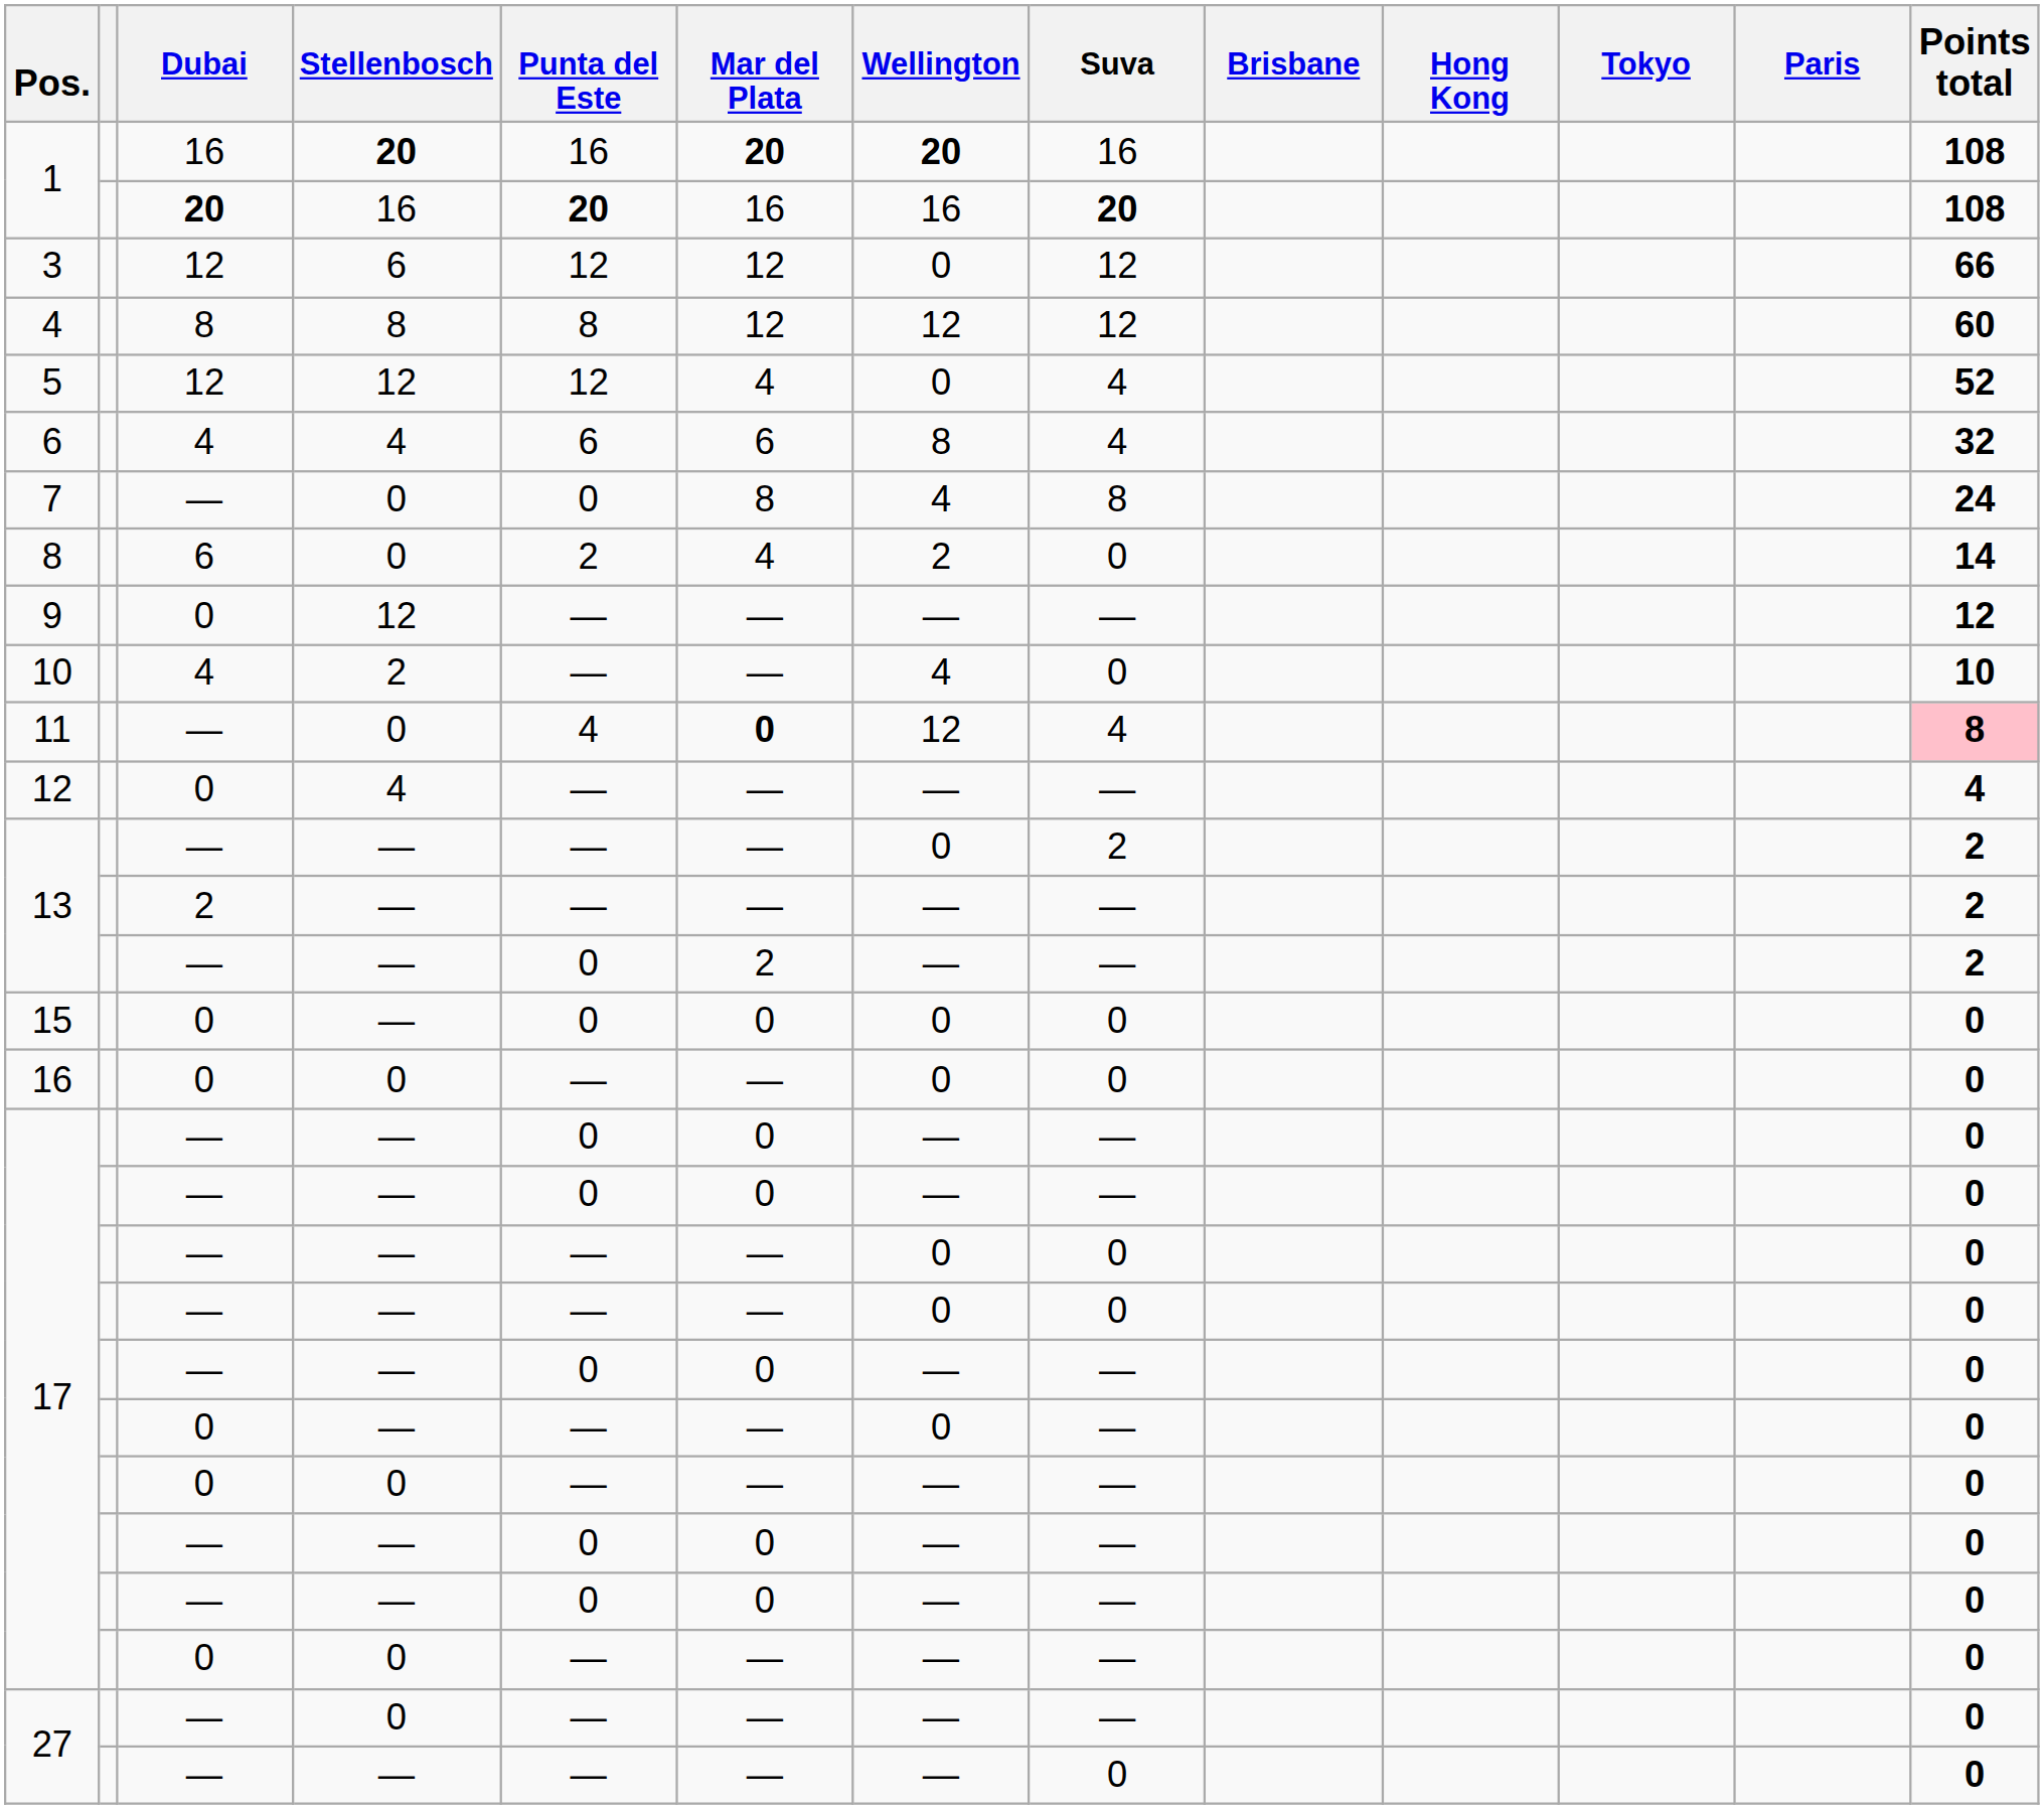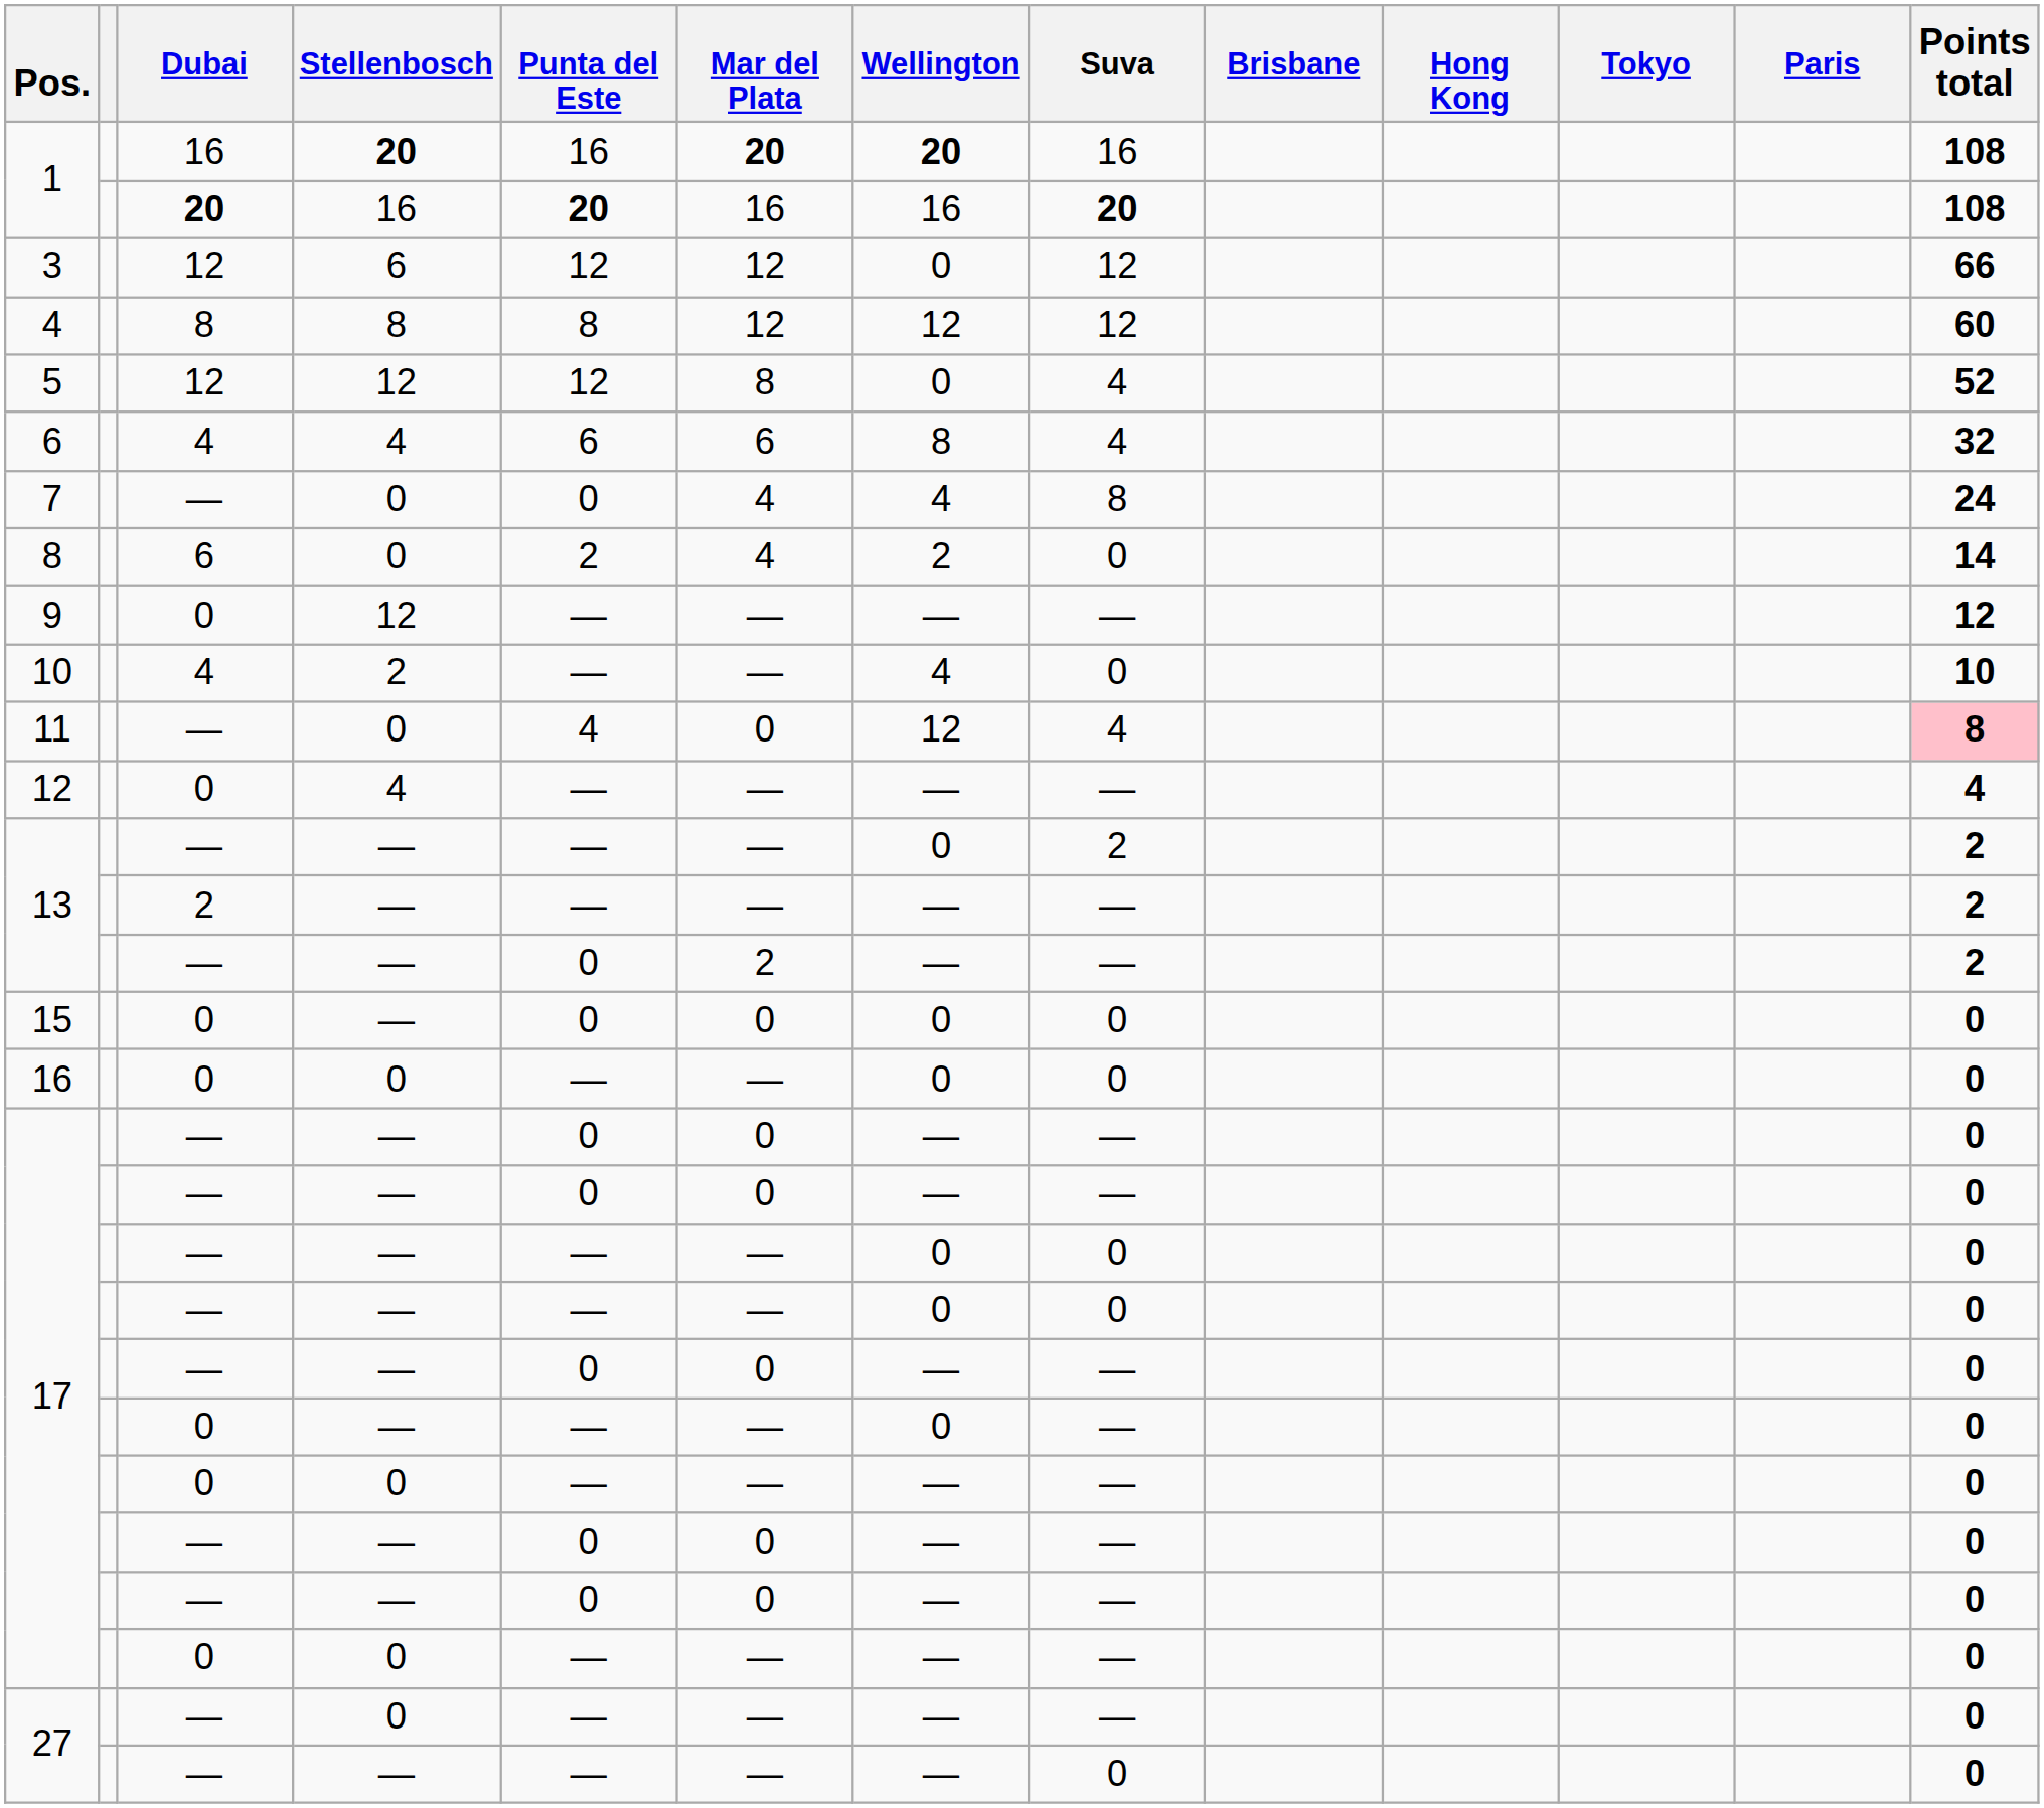 <table class="wikitable" style="text-align:center;">
 <tr>
 <th style="width:2em;"><br>Pos.</th>
 <th></th>
 <th style="width:5.2em; vertical-align:top; font-size:85%;"><br><a href='#'>Dubai</a></th>
 <th style="width:5.2em; vertical-align:top; font-size:85%;"><br><a href='#'>Stellenbosch</a></th>
 <th style="width:5.2em; vertical-align:top; font-size:85%;"><br><a href='#'>Punta del Este</a></th>
 <th style="width:5.2em; vertical-align:top; font-size:85%;"><br><a href='#'>Mar del Plata</a></th>
 <th style="width:5.2em; vertical-align:top; font-size:85%;"><br><a href='#'>Wellington</a></th>
 <th style="width:5.2em; vertical-align:top; font-size:85%;"><br>Suva</th>
 <th style="width:5.2em; vertical-align:top; font-size:85%;"><br><a href='#'>Brisbane</a></th>
 <th style="width:5.2em; vertical-align:top; font-size:85%;"><br><a href='#'>Hong Kong</a></th>
 <th style="width:5.2em; vertical-align:top; font-size:85%;"><br><a href='#'>Tokyo</a></th>
 <th style="width:5.2em; vertical-align:top; font-size:85%;"><br><a href='#'>Paris</a></th>
 <th>Points<br>total</th>
 </tr>
 <tr>
 <td rowspan=2>1</td>
 <td align=left></td>
 <td>16</td>
 <td><strong>20</strong></td>
 <td>16</td>
 <td><strong>20</strong></td>
 <td><strong>20</strong></td>
 <td>16</td>
 <td></td>
 <td></td>
 <td></td>
 <td></td>
 <td><strong>108</strong></td>
 </tr>
 <tr>
 <td align=left></td>
 <td><strong>20</strong></td>
 <td>16</td>
 <td><strong>20</strong></td>
 <td>16</td>
 <td>16</td>
 <td><strong>20</strong></td>
 <td></td>
 <td></td>
 <td></td>
 <td></td>
 <td><strong>108</strong></td>
 </tr>
 <tr>
 <td>3</td>
 <td align=left></td>
 <td>12</td>
 <td>6</td>
 <td>12</td>
 <td>12</td>
 <td>0</td>
 <td>12</td>
 <td></td>
 <td></td>
 <td></td>
 <td></td>
 <td><strong>66</strong></td>
 </tr>
 <tr>
 <td>4</td>
 <td align=left></td>
 <td>8</td>
 <td>8</td>
 <td>8</td>
 <td>12</td>
 <td>12</td>
 <td>12</td>
 <td></td>
 <td></td>
 <td></td>
 <td></td>
 <td><strong>60</strong></td>
 </tr>
 <tr>
 <td>5</td>
 <td align=left></td>
 <td>12</td>
 <td>12</td>
 <td>12</td>
-<td>4</td>
+<td>8</td>
 <td>0</td>
 <td>4</td>
 <td></td>
 <td></td>
 <td></td>
 <td></td>
 <td><strong>52</strong></td>
 </tr>
 <tr>
 <td>6</td>
 <td align=left></td>
 <td>4</td>
 <td>4</td>
 <td>6</td>
 <td>6</td>
 <td>8</td>
 <td>4</td>
 <td></td>
 <td></td>
 <td></td>
 <td></td>
 <td><strong>32</strong></td>
 </tr>
 <tr>
 <td>7</td>
 <td align=left></td>
 <td>—</td>
 <td>0</td>
 <td>0</td>
-<td>8</td>
+<td>4</td>
 <td>4</td>
 <td>8</td>
 <td></td>
 <td></td>
 <td></td>
 <td></td>
 <td><strong>24</strong></td>
 </tr>
 <tr>
 <td>8</td>
 <td align=left></td>
 <td>6</td>
 <td>0</td>
 <td>2</td>
 <td>4</td>
 <td>2</td>
 <td>0</td>
 <td></td>
 <td></td>
 <td></td>
 <td></td>
 <td><strong>14</strong></td>
 </tr>
 <tr>
 <td>9</td>
 <td align=left></td>
 <td>0</td>
 <td>12</td>
 <td>—</td>
 <td>—</td>
 <td>—</td>
 <td>—</td>
 <td></td>
 <td></td>
 <td></td>
 <td></td>
 <td><strong>12</strong></td>
 </tr>
 <tr>
 <td>10</td>
 <td align=left></td>
 <td>4</td>
 <td>2</td>
 <td>—</td>
 <td>—</td>
 <td>4</td>
 <td>0</td>
 <td></td>
 <td></td>
 <td></td>
 <td></td>
 <td><strong>10</strong></td>
 </tr>
 <tr>
 <td>11</td>
 <td align=left></td>
 <td>—</td>
 <td>0</td>
 <td>4</td>
-<td><strong>0</strong></td>
+<td>0</td>
 <td>12</td>
 <td>4</td>
 <td></td>
 <td></td>
 <td></td>
 <td></td>
 <td style="background: pink;"><strong>8</strong></td>
 </tr>
 <tr>
 <td>12</td>
 <td align=left></td>
 <td>0</td>
 <td>4</td>
 <td>—</td>
 <td>—</td>
 <td>—</td>
 <td>—</td>
 <td></td>
 <td></td>
 <td></td>
 <td></td>
 <td><strong>4</strong></td>
 </tr>
 <tr>
 <td rowspan=3>13</td>
 <td align=left></td>
 <td>—</td>
 <td>—</td>
 <td>—</td>
 <td>—</td>
 <td>0</td>
 <td>2</td>
 <td></td>
 <td></td>
 <td></td>
 <td></td>
 <td><strong>2</strong></td>
 </tr>
 <tr>
 <td align=left></td>
 <td>2</td>
 <td>—</td>
 <td>—</td>
 <td>—</td>
 <td>—</td>
 <td>—</td>
 <td></td>
 <td></td>
 <td></td>
 <td></td>
 <td><strong>2</strong></td>
 </tr>
 <tr>
 <td align=left></td>
 <td>—</td>
 <td>—</td>
 <td>0</td>
 <td>2</td>
 <td>—</td>
 <td>—</td>
 <td></td>
 <td></td>
 <td></td>
 <td></td>
 <td><strong>2</strong></td>
 </tr>
 <tr>
 <td>15</td>
 <td align=left></td>
 <td>0</td>
 <td>—</td>
 <td>0</td>
 <td>0</td>
 <td>0</td>
 <td>0</td>
 <td></td>
 <td></td>
 <td></td>
 <td></td>
 <td><strong>0</strong></td>
 </tr>
 <tr>
 <td>16</td>
 <td align=left></td>
 <td>0</td>
 <td>0</td>
 <td>—</td>
 <td>—</td>
 <td>0</td>
 <td>0</td>
 <td></td>
 <td></td>
 <td></td>
 <td></td>
 <td><strong>0</strong></td>
 </tr>
 <tr>
 <td rowspan=10>17</td>
 <td align=left></td>
 <td>—</td>
 <td>—</td>
 <td>0</td>
 <td>0</td>
 <td>—</td>
 <td>—</td>
 <td></td>
 <td></td>
 <td></td>
 <td></td>
 <td><strong>0</strong></td>
 </tr>
 <tr>
 <td align=left></td>
 <td>—</td>
 <td>—</td>
 <td>0</td>
 <td>0</td>
 <td>—</td>
 <td>—</td>
 <td></td>
 <td></td>
 <td></td>
 <td></td>
 <td><strong>0</strong></td>
 </tr>
 <tr>
 <td align=left></td>
 <td>—</td>
 <td>—</td>
 <td>—</td>
 <td>—</td>
 <td>0</td>
 <td>0</td>
 <td></td>
 <td></td>
 <td></td>
 <td></td>
 <td><strong>0</strong></td>
 </tr>
 <tr>
 <td align=left></td>
 <td>—</td>
 <td>—</td>
 <td>—</td>
 <td>—</td>
 <td>0</td>
 <td>0</td>
 <td></td>
 <td></td>
 <td></td>
 <td></td>
 <td><strong>0</strong></td>
 </tr>
 <tr>
 <td align=left></td>
 <td>—</td>
 <td>—</td>
 <td>0</td>
 <td>0</td>
 <td>—</td>
 <td>—</td>
 <td></td>
 <td></td>
 <td></td>
 <td></td>
 <td><strong>0</strong></td>
 </tr>
 <tr>
 <td align=left></td>
 <td>0</td>
 <td>—</td>
 <td>—</td>
 <td>—</td>
 <td>0</td>
 <td>—</td>
 <td></td>
 <td></td>
 <td></td>
 <td></td>
 <td><strong>0</strong></td>
 </tr>
 <tr>
 <td align=left></td>
 <td>0</td>
 <td>0</td>
 <td>—</td>
 <td>—</td>
 <td>—</td>
 <td>—</td>
 <td></td>
 <td></td>
 <td></td>
 <td></td>
 <td><strong>0</strong></td>
 </tr>
 <tr>
 <td align=left></td>
 <td>—</td>
 <td>—</td>
 <td>0</td>
 <td>0</td>
 <td>—</td>
 <td>—</td>
 <td></td>
 <td></td>
 <td></td>
 <td></td>
 <td><strong>0</strong></td>
 </tr>
 <tr>
 <td align=left></td>
 <td>—</td>
 <td>—</td>
 <td>0</td>
 <td>0</td>
 <td>—</td>
 <td>—</td>
 <td></td>
 <td></td>
 <td></td>
 <td></td>
 <td><strong>0</strong></td>
 </tr>
 <tr>
 <td align=left></td>
 <td>0</td>
 <td>0</td>
 <td>—</td>
 <td>—</td>
 <td>—</td>
 <td>—</td>
 <td></td>
 <td></td>
 <td></td>
 <td></td>
 <td><strong>0</strong></td>
 </tr>
 <tr>
 <td rowspan=2>27</td>
 <td align=left></td>
 <td>—</td>
 <td>0</td>
 <td>—</td>
 <td>—</td>
 <td>—</td>
 <td>—</td>
 <td></td>
 <td></td>
 <td></td>
 <td></td>
 <td><strong>0</strong></td>
 </tr>
 <tr>
 <td align=left></td>
 <td>—</td>
 <td>—</td>
 <td>—</td>
 <td>—</td>
 <td>—</td>
 <td>0</td>
 <td></td>
 <td></td>
 <td></td>
 <td></td>
 <td><strong>0</strong></td>
 </tr>
 </table>
